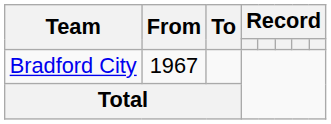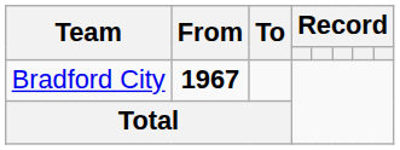 <table class="wikitable" style="text-align:center">
 <tr>
 <th rowspan="2">Team</th>
 <th rowspan="2">From</th>
 <th rowspan="2">To</th>
 <th colspan="5">Record</th>
 </tr>
 <tr>
 <th></th>
 <th></th>
 <th></th>
 <th></th>
 <th></th>
 </tr>
 <tr>
 <td><a href='#'>Bradford City</a></td>
-<td>1967</td>
+<td><strong>1967</strong></td>
 <td 7 March 1968></td>
 </tr>
 <tr>
 <th colspan=3>Total<br></th>
 </tr>
 </table>
